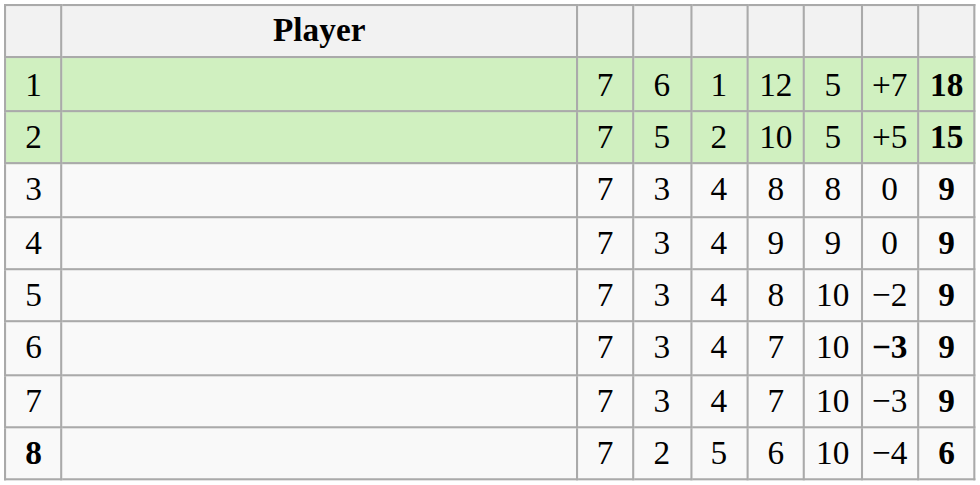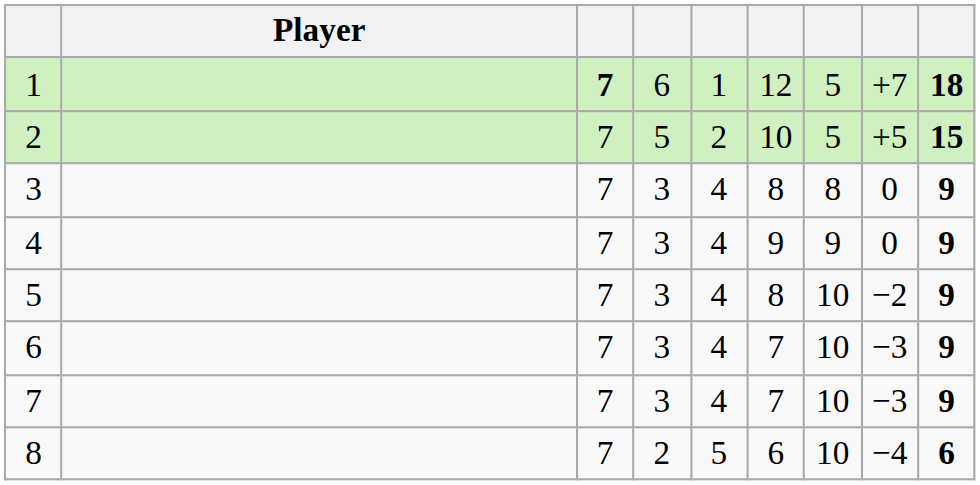 <table class="wikitable" style="text-align:center; margin: 1em auto 1em auto, align:left">
 <tr>
 <th width=20></th>
 <th width=240>Player</th>
 <th width=20></th>
 <th width=20></th>
 <th width=20></th>
 <th width=20></th>
 <th width=20></th>
 <th width=20></th>
 <th width=20></th>
 </tr>
 <tr style="background:#D0F0C0;">
 <td>1</td>
 <td align=left></td>
-<td>7</td>
+<td><strong>7</strong></td>
 <td>6</td>
 <td>1</td>
 <td>12</td>
 <td>5</td>
 <td>+7</td>
 <td><strong>18</strong></td>
 </tr>
 <tr style="background:#D0F0C0;">
 <td>2</td>
 <td align=left></td>
 <td>7</td>
 <td>5</td>
 <td>2</td>
 <td>10</td>
 <td>5</td>
 <td>+5</td>
 <td><strong>15</strong></td>
 </tr>
 <tr style=>
 <td>3</td>
 <td align=left></td>
 <td>7</td>
 <td>3</td>
 <td>4</td>
 <td>8</td>
 <td>8</td>
 <td>0</td>
 <td><strong>9</strong></td>
 </tr>
 <tr style=>
 <td>4</td>
 <td align=left></td>
 <td>7</td>
 <td>3</td>
 <td>4</td>
 <td>9</td>
 <td>9</td>
 <td>0</td>
 <td><strong>9</strong></td>
 </tr>
 <tr style=>
 <td>5</td>
 <td align=left></td>
 <td>7</td>
 <td>3</td>
 <td>4</td>
 <td>8</td>
 <td>10</td>
 <td>−2</td>
 <td><strong>9</strong></td>
 </tr>
 <tr style=>
 <td>6</td>
 <td align=left></td>
 <td>7</td>
 <td>3</td>
 <td>4</td>
 <td>7</td>
 <td>10</td>
-<td><strong>−3</strong></td>
+<td>−3</td>
 <td><strong>9</strong></td>
 </tr>
 <tr style=>
 <td>7</td>
 <td align=left></td>
 <td>7</td>
 <td>3</td>
 <td>4</td>
 <td>7</td>
 <td>10</td>
 <td>−3</td>
 <td><strong>9</strong></td>
 </tr>
 <tr style=>
-<td><strong>8</strong></td>
+<td>8</td>
 <td align=left></td>
 <td>7</td>
 <td>2</td>
 <td>5</td>
 <td>6</td>
 <td>10</td>
 <td>−4</td>
 <td><strong>6</strong></td>
 </tr>
 </table>
